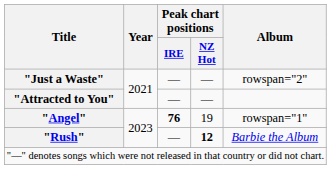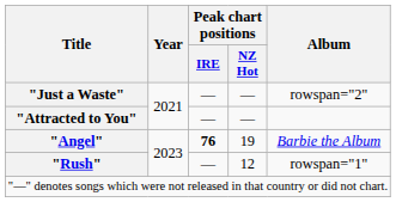 <table class="wikitable plainrowheaders" style="text-align:center;">
 <tr>
 <th scope="col" rowspan="2">Title</th>
 <th scope="col" rowspan="2">Year</th>
 <th scope="col" colspan="2">Peak chart positions</th>
 <th scope="col" rowspan="2">Album</th>
 </tr>
 <tr>
 <th scope="col" style="width:2.5em;font-size:90%;"><a href='#'>IRE</a><br></th>
 <th scope="col" style="width:2.5em;font-size:90%;"><a href='#'>NZ<br>Hot</a><br></th>
 </tr>
 <tr>
 <th scope="row">"Just a Waste"</th>
 <td rowspan="2">2021</td>
 <td>—</td>
 <td>—</td>
 <td>rowspan="2" </td>
 </tr>
 <tr>
 <th scope="row">"Attracted to You"</th>
 <td>—</td>
 <td>—</td>
 </tr>
 <tr>
 <th scope="row">"<a href='#'>Angel</a>"</th>
 <td rowspan="2">2023</td>
 <td><strong>76</strong></td>
 <td>19</td>
-<td>rowspan="1" </td>
+<td><em><a href='#'>Barbie the Album</a></em></td>
 </tr>
 <tr>
 <th scope="row">"<a href='#'>Rush</a>"<br></th>
 <td>—</td>
-<td><strong>12</strong></td>
-<td><em><a href='#'>Barbie the Album</a></em></td>
+<td>12</td>
+<td>rowspan="1" </td>
 </tr>
 <tr>
 <td colspan="5" style="font-size:85%;">"—" denotes songs which were not released in that country or did not chart.</td>
 </tr>
 </table>
